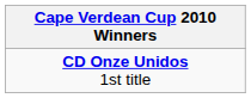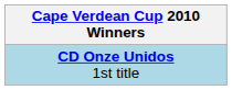 <table class="wikitable" style="margin: 0 auto; width: 240px;">
 <tr>
 <th><a href='#'>Cape Verdean Cup</a> 2010<br>Winners</th>
 </tr>
 <tr>
-<td align=center><strong><a href='#'>CD Onze Unidos</a></strong><br>1st title</td>
+<td align=center style="background: lightblue;"><strong><a href='#'>CD Onze Unidos</a></strong><br>1st title</td>
 </tr>
 </table>
